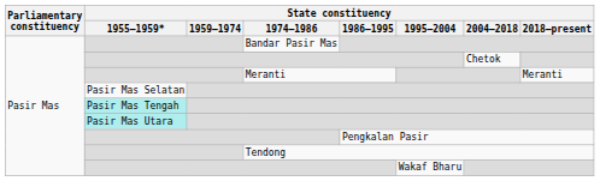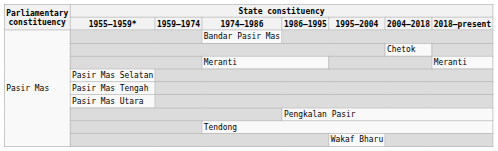 <table class="wikitable">
 <tr>
 <th rowspan="2">Parliamentary<br>constituency</th>
 <th colspan="7">State constituency</th>
 </tr>
 <tr>
 <th>1955–1959*</th>
 <th>1959–1974</th>
 <th>1974–1986</th>
 <th>1986–1995</th>
 <th>1995–2004</th>
 <th>2004–2018</th>
 <th>2018–present</th>
 </tr>
 <tr>
 <td rowspan="9">Pasir Mas</td>
 <td colspan="2" bgcolor="dcdcdc"></td>
 <td>Bandar Pasir Mas</td>
 <td colspan="4" bgcolor="dcdcdc"></td>
 </tr>
 <tr>
 <td colspan="5" bgcolor="dcdcdc"></td>
 <td>Chetok</td>
 <td bgcolor="dcdcdc"></td>
 </tr>
 <tr>
 <td colspan="2" bgcolor="dcdcdc"></td>
 <td colspan="2">Meranti</td>
 <td colspan="2" bgcolor="dcdcdc"></td>
 <td>Meranti</td>
 </tr>
 <tr>
 <td>Pasir Mas Selatan</td>
 <td colspan="6" bgcolor="dcdcdc"></td>
 </tr>
 <tr>
-<td style="background: paleturquoise;">Pasir Mas Tengah</td>
+<td>Pasir Mas Tengah</td>
 <td colspan="6" bgcolor="dcdcdc"></td>
 </tr>
 <tr>
-<td style="background: paleturquoise;">Pasir Mas Utara</td>
+<td>Pasir Mas Utara</td>
 <td colspan="6" bgcolor="dcdcdc"></td>
 </tr>
 <tr>
 <td colspan="3" bgcolor="dcdcdc"></td>
 <td colspan="4">Pengkalan Pasir</td>
 </tr>
 <tr>
 <td colspan="2" bgcolor="dcdcdc"></td>
 <td colspan="5">Tendong</td>
 </tr>
 <tr>
 <td colspan="4" bgcolor="dcdcdc"></td>
 <td>Wakaf Bharu</td>
 <td colspan="2" bgcolor="dcdcdc"></td>
 </tr>
 </table>
